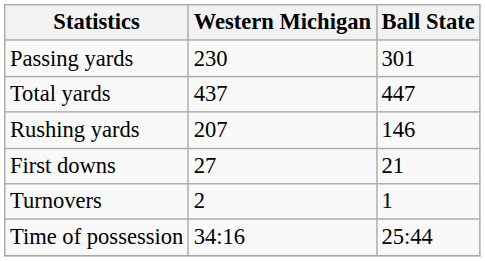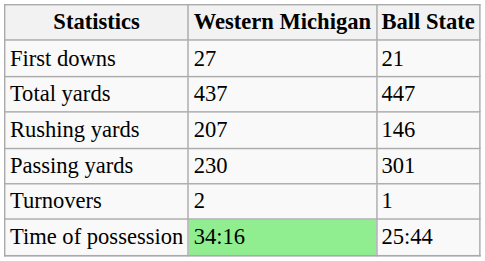 <table class="wikitable">
 <tr>
 <th>Statistics</th>
 <th>Western Michigan</th>
 <th>Ball State</th>
 </tr>
 <tr>
-<td>Passing yards</td>
-<td>230</td>
-<td>301</td>
+<td>First downs</td>
+<td>27</td>
+<td>21</td>
 </tr>
 <tr>
 <td>Total yards</td>
 <td>437</td>
 <td>447</td>
 </tr>
 <tr>
 <td>Rushing yards</td>
 <td>207</td>
 <td>146</td>
 </tr>
 <tr>
-<td>First downs</td>
-<td>27</td>
-<td>21</td>
+<td>Passing yards</td>
+<td>230</td>
+<td>301</td>
 </tr>
 <tr>
 <td>Turnovers</td>
 <td>2</td>
 <td>1</td>
 </tr>
 <tr>
 <td>Time of possession</td>
-<td>34:16</td>
+<td style="background: lightgreen;">34:16</td>
 <td>25:44</td>
 </tr>
 <tr>
 </tr>
 </table>
